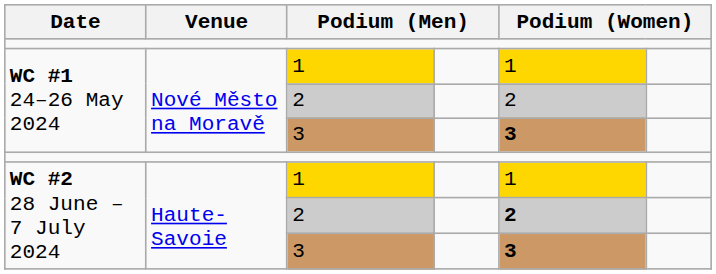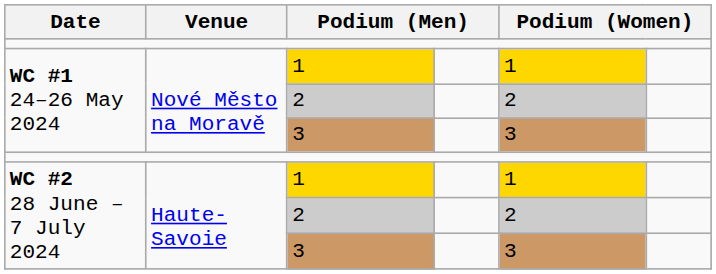 <table class="wikitable" width=70%>
 <tr>
 <th>Date</th>
 <th width=20%>Venue</th>
 <th colspan=2 width=30%>Podium (Men)</th>
 <th colspan=2 width=30%>Podium (Women)</th>
 </tr>
 <tr>
 <td colspan=6></td>
 </tr>
 <tr>
 <td rowspan=3><strong>WC #1</strong> <br> 24–26 May 2024</td>
 <td rowspan=3><br><a href='#'>Nové Město na Moravě</a></td>
 <td bgcolor=FFD700>1</td>
 <td></td>
 <td bgcolor=FFD700>1</td>
 <td></td>
 </tr>
 <tr>
 <td bgcolor=CCCCCC>2</td>
 <td></td>
 <td bgcolor=CCCCCC>2</td>
 <td></td>
 </tr>
 <tr>
 <td bgcolor=CC9966>3</td>
 <td></td>
-<td bgcolor=CC9966><strong>3</strong></td>
+<td bgcolor=CC9966>3</td>
 <td></td>
 </tr>
 <tr>
 <td colspan=6></td>
 </tr>
 <tr>
 <td rowspan=3><strong>WC #2</strong> <br> 28 June – 7 July 2024</td>
 <td rowspan=3><br><a href='#'>Haute-Savoie</a></td>
 <td bgcolor=FFD700>1</td>
 <td></td>
 <td bgcolor=FFD700>1</td>
 <td></td>
 </tr>
 <tr>
 <td bgcolor=CCCCCC>2</td>
 <td></td>
-<td bgcolor=CCCCCC><strong>2</strong></td>
+<td bgcolor=CCCCCC>2</td>
 <td></td>
 </tr>
 <tr>
 <td bgcolor=CC9966>3</td>
 <td></td>
-<td bgcolor=CC9966><strong>3</strong></td>
+<td bgcolor=CC9966>3</td>
 <td></td>
 </tr>
 </table>
